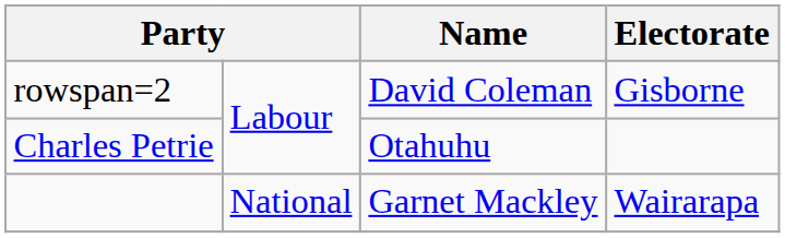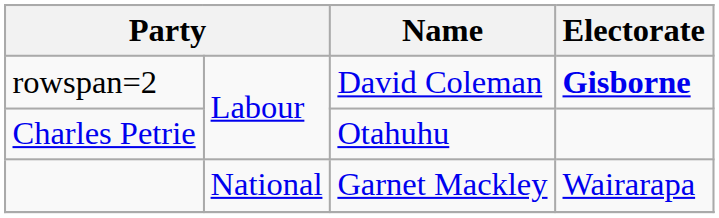 <table class="wikitable">
 <tr>
 <th colspan=2>Party</th>
 <th>Name</th>
 <th>Electorate</th>
 </tr>
 <tr>
 <td>rowspan=2 </td>
 <td rowspan=2><a href='#'>Labour</a></td>
 <td><a href='#'>David Coleman</a></td>
-<td><a href='#'>Gisborne</a></td>
+<td><strong><a href='#'>Gisborne</a></strong></td>
 </tr>
 <tr>
 <td><a href='#'>Charles Petrie</a></td>
 <td><a href='#'>Otahuhu</a></td>
 </tr>
 <tr>
 <td></td>
 <td><a href='#'>National</a></td>
 <td><a href='#'>Garnet Mackley</a></td>
 <td><a href='#'>Wairarapa</a></td>
 </tr>
 <tr>
 </tr>
 </table>
